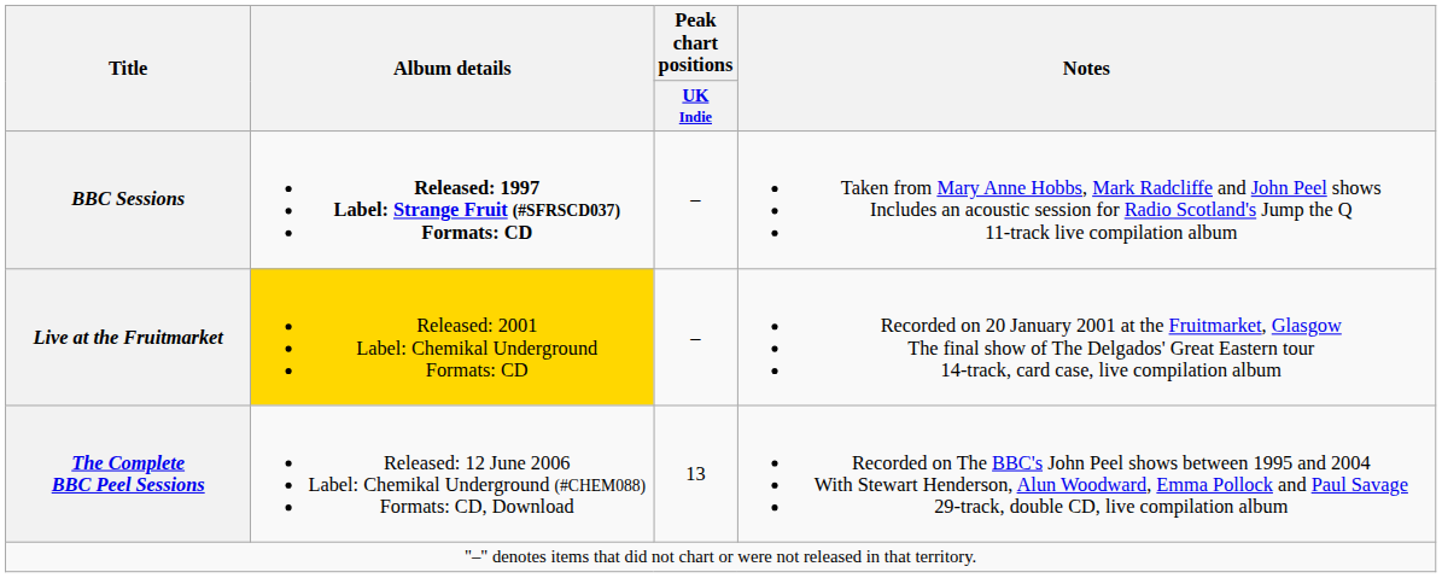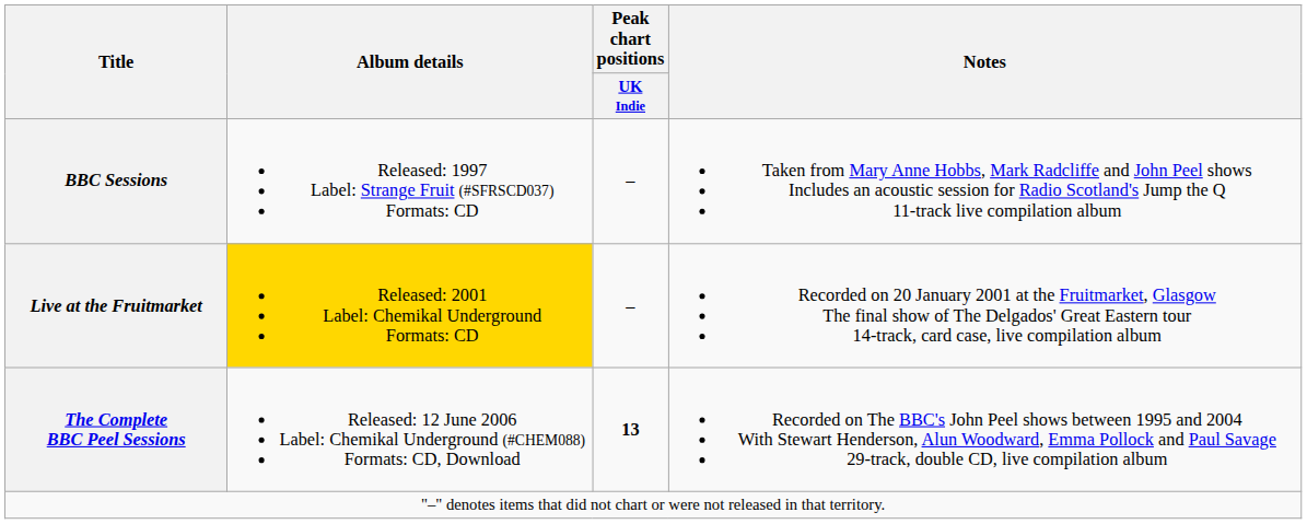 <table class="wikitable plainrowheaders" style="text-align:center;">
 <tr>
 <th scope="col" rowspan="2" style="width:12em;">Title</th>
 <th scope="col" rowspan="2" style="width:20em;">Album details</th>
 <th scope="col" colspan="1">Peak chart positions</th>
 <th scope="col" rowspan="2" style="width:35em;">Notes</th>
 </tr>
 <tr>
 <th style="width:3em;font-size:90%;"><a href='#'>UK<br><small>Indie</small></a><br></th>
 </tr>
 <tr>
 <th scope="row"><em>BBC Sessions</em></th>
-<td><strong><br><ul><li>Released: 1997</li><li>Label: <a href='#'>Strange Fruit</a> <small>(#SFRSCD037)</small></li><li>Formats: CD</li></ul></strong></td>
+<td><br><ul><li>Released: 1997</li><li>Label: <a href='#'>Strange Fruit</a> <small>(#SFRSCD037)</small></li><li>Formats: CD</li></ul></td>
 <td>–</td>
 <td><br><ul><li>Taken from <a href='#'>Mary Anne Hobbs</a>, <a href='#'>Mark Radcliffe</a> and <a href='#'>John Peel</a> shows</li><li>Includes an acoustic session for <a href='#'>Radio Scotland's</a> Jump the Q</li><li>11-track live compilation album</li></ul></td>
 </tr>
 <tr>
 <th scope="row"><em>Live at the Fruitmarket</em></th>
 <td style="background: gold;"><br><ul><li>Released: 2001</li><li>Label: Chemikal Underground</li><li>Formats: CD</li></ul></td>
 <td>–</td>
 <td><br><ul><li>Recorded on 20 January 2001 at the <a href='#'>Fruitmarket</a>, <a href='#'>Glasgow</a></li><li>The final show of The Delgados' Great Eastern tour</li><li>14-track, card case, live compilation album</li></ul></td>
 </tr>
 <tr>
 <th scope="row"><em><a href='#'>The Complete<br>BBC Peel Sessions</a></em></th>
 <td><br><ul><li>Released: 12 June 2006</li><li>Label: Chemikal Underground <small>(#CHEM088)</small></li><li>Formats: CD, Download</li></ul></td>
-<td>13</td>
+<td><strong>13</strong></td>
 <td><br><ul><li>Recorded on The <a href='#'>BBC's</a> John Peel shows between 1995 and 2004</li><li>With Stewart Henderson, <a href='#'>Alun Woodward</a>, <a href='#'>Emma Pollock</a> and <a href='#'>Paul Savage</a></li><li>29-track, double CD, live compilation album</li></ul></td>
 </tr>
 <tr>
 <td align="center" colspan="15" style="font-size:90%">"–" denotes items that did not chart or were not released in that territory.</td>
 </tr>
 </table>
